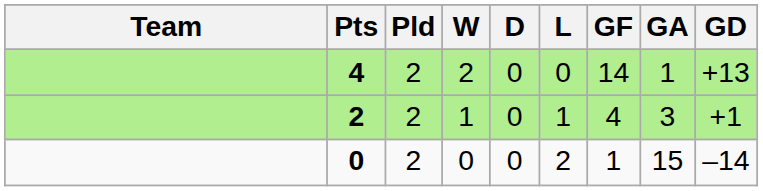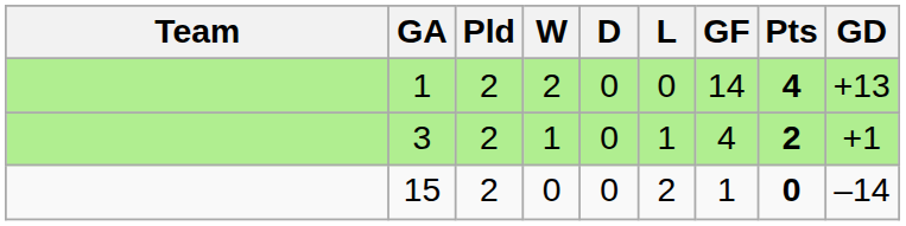 <table class="wikitable" style="text-align:center;">
 <tr>
 <th width=175>Team</th>
-<th width=20  abbr="Points">Pts</th>
+<th width=20  abbr="Goals against">GA</th>
 <th width=20  abbr="Played">Pld</th>
 <th width=20  abbr="Won">W</th>
 <th width=20  abbr="Drawn">D</th>
 <th width=20  abbr="Lost">L</th>
 <th width=20  abbr="Goals for">GF</th>
-<th width=20  abbr="Goals against">GA</th>
+<th width=20  abbr="Points">Pts</th>
 <th width=20  abbr="Goal difference">GD</th>
 </tr>
 <tr style="background: #B0EE90;">
 <td align=left></td>
-<td><strong>4</strong></td>
+<td>1</td>
 <td>2</td>
 <td>2</td>
 <td>0</td>
 <td>0</td>
 <td>14</td>
-<td>1</td>
+<td><strong>4</strong></td>
 <td>+13</td>
 </tr>
 <tr style="background: #B0EE90;">
 <td align=left></td>
-<td><strong>2</strong></td>
+<td>3</td>
 <td>2</td>
 <td>1</td>
 <td>0</td>
 <td>1</td>
 <td>4</td>
-<td>3</td>
+<td><strong>2</strong></td>
 <td>+1</td>
 </tr>
 <tr>
 <td align=left></td>
-<td><strong>0</strong></td>
+<td>15</td>
 <td>2</td>
 <td>0</td>
 <td>0</td>
 <td>2</td>
 <td>1</td>
-<td>15</td>
+<td><strong>0</strong></td>
 <td>–14</td>
 </tr>
 </table>
